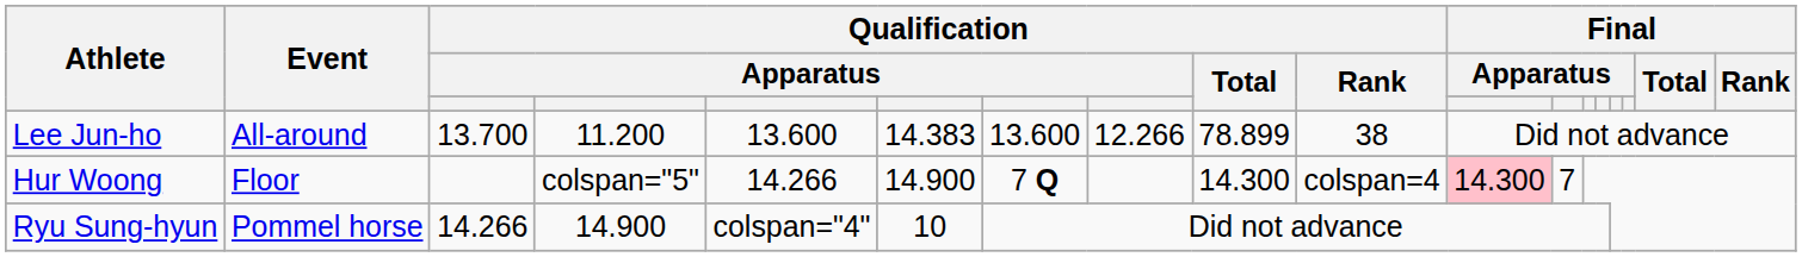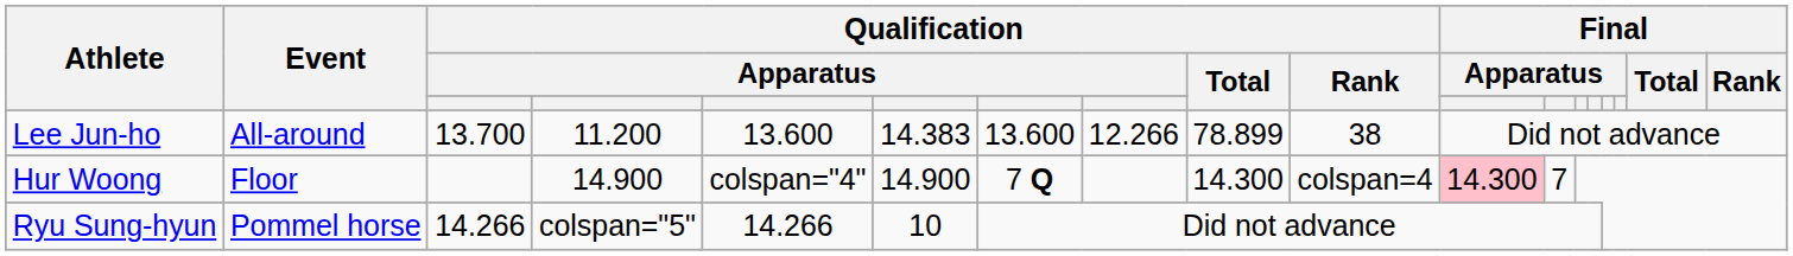 <table class="wikitable" style="font-size:90%">
 <tr>
 <th rowspan=3>Athlete</th>
 <th rowspan=3>Event</th>
 <th colspan =8>Qualification</th>
 <th colspan =8>Final</th>
 </tr>
 <tr style="font-size:95%">
 <th colspan=6>Apparatus</th>
 <th rowspan=2>Total</th>
 <th rowspan=2>Rank</th>
 <th colspan=6>Apparatus</th>
 <th rowspan=2>Total</th>
 <th rowspan=2>Rank</th>
 </tr>
 <tr style="font-size:95%">
 <th></th>
 <th></th>
 <th></th>
 <th></th>
 <th></th>
 <th></th>
 <th></th>
 <th></th>
 <th></th>
 <th></th>
 <th></th>
 <th></th>
 </tr>
 <tr align=center>
 <td align=left><a href='#'>Lee Jun-ho</a></td>
 <td align=left><a href='#'>All-around</a></td>
 <td>13.700</td>
 <td>11.200</td>
 <td>13.600</td>
 <td>14.383</td>
 <td>13.600</td>
 <td>12.266</td>
 <td>78.899</td>
 <td>38</td>
 <td colspan="8">Did not advance</td>
 </tr>
 <tr align=center>
 <td align=left><a href='#'>Hur Woong</a></td>
 <td align=left><a href='#'>Floor</a></td>
 <td></td>
-<td>colspan="5" </td>
-<td>14.266</td>
+<td>14.900</td>
+<td>colspan="4" </td>
 <td>14.900</td>
 <td>7 <strong>Q</strong></td>
 <td></td>
 <td>14.300</td>
 <td>colspan=4 </td>
 <td style="background: pink;">14.300</td>
 <td>7</td>
 </tr>
 <tr align=center>
 <td align=left><a href='#'>Ryu Sung-hyun</a></td>
 <td align=left><a href='#'>Pommel horse</a></td>
 <td>14.266</td>
-<td>14.900</td>
-<td>colspan="4" </td>
+<td>colspan="5" </td>
+<td>14.266</td>
 <td>10</td>
 <td colspan="8">Did not advance</td>
 </tr>
 </table>
